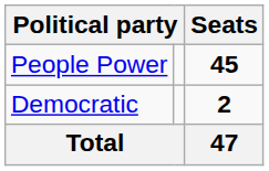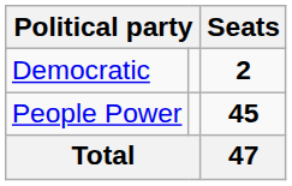 <table class="wikitable">
 <tr>
 <th colspan="2">Political party</th>
 <th>Seats</th>
+</tr>
+<tr>
+<td><a href='#'>Democratic</a></td>
+<td style="background:"></td>
+<td style="text-align: center;"><strong>2</strong></td>
 </tr>
 <tr>
 <td><a href='#'>People Power</a></td>
 <td style="background:"></td>
 <td style="text-align: center;"><strong>45</strong></td>
 </tr>
 <tr>
-<td><a href='#'>Democratic</a></td>
-<td style="background:"></td>
-<td style="text-align: center;"><strong>2</strong></td>
-</tr>
-<tr>
 <th colspan="2">Total</th>
 <th>47</th>
 </tr>
 </table>
